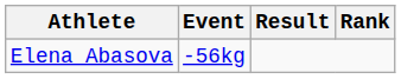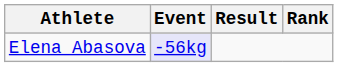 <table class="wikitable">
 <tr>
 <th>Athlete</th>
 <th>Event</th>
 <th>Result</th>
 <th>Rank</th>
 </tr>
 <tr align=center>
 <td align=left><a href='#'>Elena Abasova</a></td>
-<td align=left><a href='#'>-56kg</a></td>
+<td align=left style="background: lavender;"><a href='#'>-56kg</a></td>
 <td colspan="2"></td>
 </tr>
 </table>
